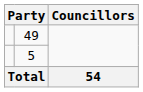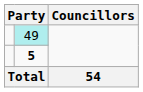 <table class="wikitable">
 <tr>
 <th colspan=2>Party</th>
 <th>Councillors</th>
 </tr>
 <tr>
 <td></td>
-<td align=center>49</td>
+<td align=center style="background: paleturquoise;">49</td>
 </tr>
 <tr>
 <td></td>
-<td align=center>5</td>
+<td align=center><strong>5</strong></td>
 </tr>
 <tr>
 <th colspan=2>Total</th>
 <th>54</th>
 </tr>
 </table>
